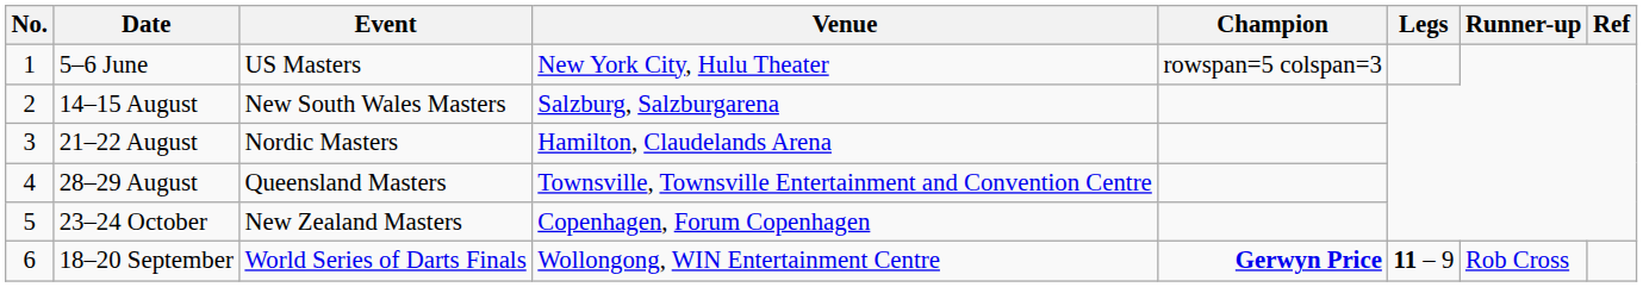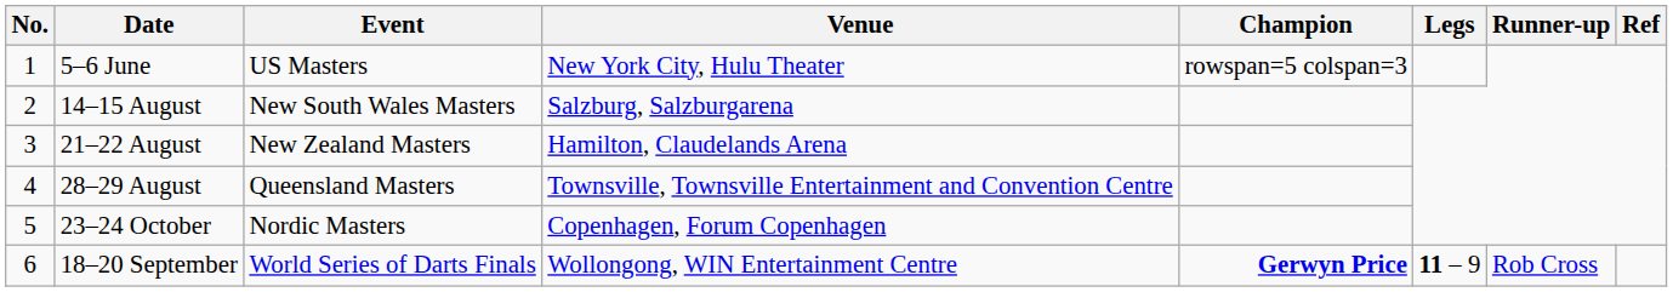 <table class="wikitable">
 <tr>
 <th>No.</th>
 <th>Date</th>
 <th>Event</th>
 <th>Venue</th>
 <th>Champion</th>
 <th>Legs</th>
 <th>Runner-up</th>
 <th>Ref</th>
 </tr>
 <tr>
 <td align=center>1</td>
 <td align=left>5–6 June</td>
 <td>US Masters</td>
 <td> <a href='#'>New York City</a>, <a href='#'>Hulu Theater</a></td>
 <td>rowspan=5 colspan=3 </td>
 <td align="center"></td>
 </tr>
 <tr>
 <td align=center>2</td>
 <td align=left>14–15 August</td>
 <td>New South Wales Masters</td>
 <td> <a href='#'>Salzburg</a>, <a href='#'>Salzburgarena</a></td>
 <td align="center"></td>
 </tr>
 <tr>
 <td align=center>3</td>
 <td align=left>21–22 August</td>
-<td>Nordic Masters</td>
+<td>New Zealand Masters</td>
 <td> <a href='#'>Hamilton</a>, <a href='#'>Claudelands Arena</a></td>
 <td align="center"></td>
 </tr>
 <tr>
 <td align=center>4</td>
 <td align=left>28–29 August</td>
 <td>Queensland Masters</td>
 <td> <a href='#'>Townsville</a>, <a href='#'>Townsville Entertainment and Convention Centre</a></td>
 <td align="center"></td>
 </tr>
 <tr>
 <td align=center>5</td>
 <td align=left>23–24 October</td>
-<td>New Zealand Masters</td>
+<td>Nordic Masters</td>
 <td> <a href='#'>Copenhagen</a>, <a href='#'>Forum Copenhagen</a></td>
 <td align="center"></td>
 </tr>
 <tr>
 <td align=center>6</td>
 <td align=left>18–20 September</td>
 <td><a href='#'>World Series of Darts Finals</a></td>
 <td> <a href='#'>Wollongong</a>, <a href='#'>WIN Entertainment Centre</a></td>
 <td align=right><strong><a href='#'>Gerwyn Price</a></strong> </td>
 <td align=center><strong>11</strong> – 9</td>
 <td> <a href='#'>Rob Cross</a></td>
 <td align="center"></td>
 </tr>
 </table>
